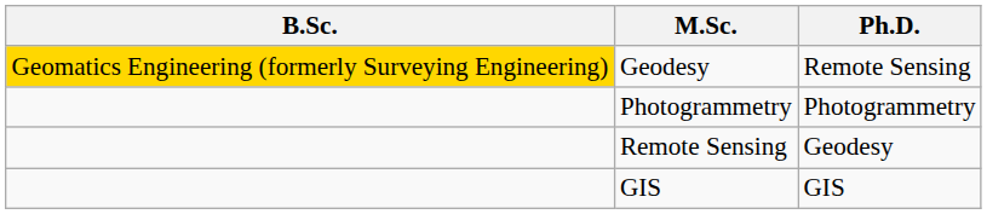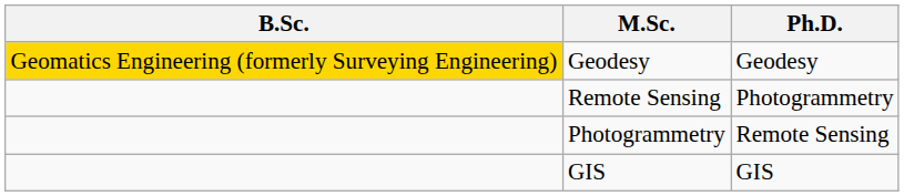 <table class="wikitable">
 <tr>
 <th>B.Sc.</th>
 <th>M.Sc.</th>
 <th>Ph.D.</th>
 </tr>
 <tr>
 <td style="background: gold;">Geomatics Engineering (formerly Surveying Engineering)</td>
 <td>Geodesy</td>
+<td>Geodesy</td>
+</tr>
+<tr>
+<td></td>
 <td>Remote Sensing</td>
+<td>Photogrammetry</td>
 </tr>
 <tr>
 <td></td>
 <td>Photogrammetry</td>
-<td>Photogrammetry</td>
-</tr>
-<tr>
-<td></td>
 <td>Remote Sensing</td>
-<td>Geodesy</td>
 </tr>
 <tr>
 <td></td>
 <td>GIS</td>
 <td>GIS</td>
 </tr>
 </table>
